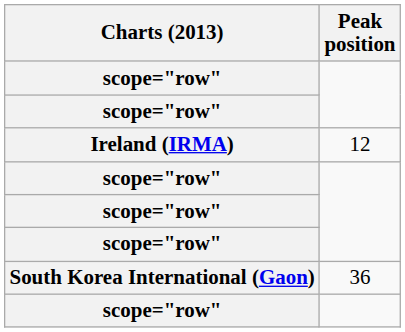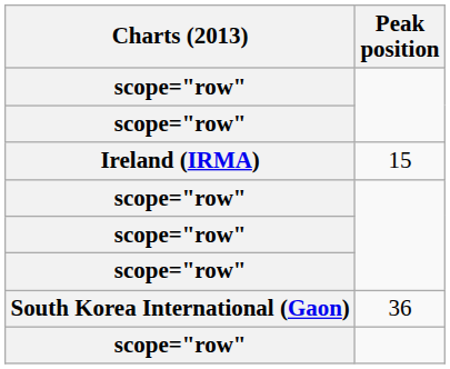 <table class="wikitable sortable plainrowheaders" style="text-align:center;">
 <tr>
 <th scope="col">Charts (2013)</th>
 <th scope="col">Peak<br>position</th>
 </tr>
 <tr>
 <th>scope="row"</th>
 </tr>
 <tr>
 <th>scope="row"</th>
 </tr>
 <tr>
 <th scope="row">Ireland (<a href='#'>IRMA</a>)</th>
-<td>12</td>
+<td>15</td>
 </tr>
 <tr>
 <th>scope="row"</th>
 </tr>
 <tr>
 <th>scope="row"</th>
 </tr>
 <tr>
 <th>scope="row"</th>
 </tr>
 <tr>
 <th scope="row">South Korea International (<a href='#'>Gaon</a>)</th>
 <td>36</td>
 </tr>
 <tr>
 <th>scope="row"</th>
 </tr>
 </table>
